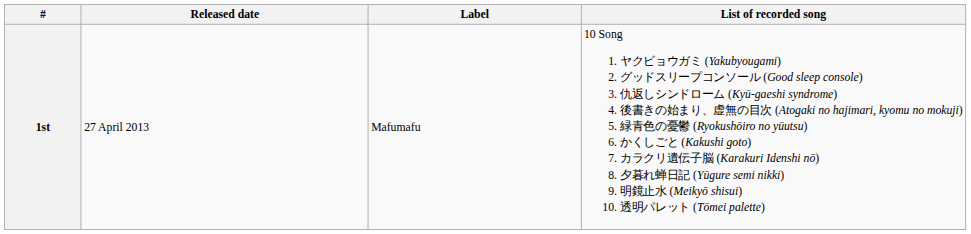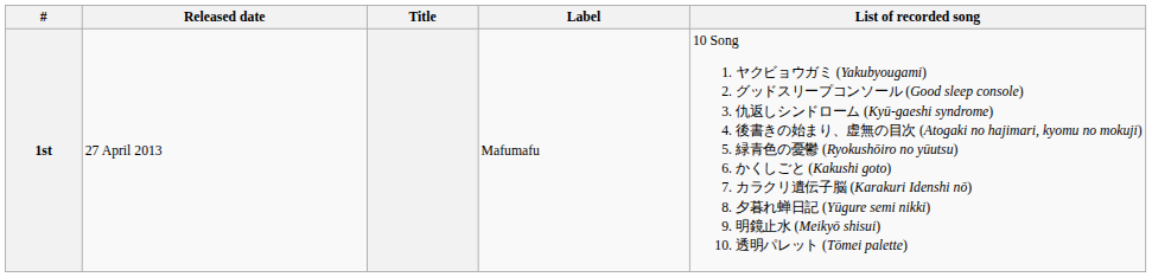 <table class="wikitable" style="font-size:small">
 <tr>
 <th>#</th>
 <th>Released date</th>
+<th>Title</th>
 <th>Label</th>
 <th style="width:40%">List of recorded song</th>
 </tr>
 <tr>
 <th>1st</th>
 <td>27 April 2013</td>
+<th></th>
 <td>Mafumafu</td>
 <td>10 Song<br><ol><li>ヤクビョウガミ (<em>Yakubyougami</em>)</li><li>グッドスリープコンソール (<em>Good sleep console</em>)</li><li>仇返しシンドローム (<em>Kyū-gaeshi syndrome</em>)</li><li>後書きの始まり、虚無の目次 (<em>Atogaki no hajimari, kyomu no mokuji</em>)</li><li>緑青色の憂鬱 (<em>Ryokushōiro no yūutsu</em>)</li><li>かくしごと (<em>Kakushi goto</em>)</li><li>カラクリ遺伝子脳 (<em>Karakuri Idenshi nō</em>)</li><li>夕暮れ蝉日記 (<em>Yūgure semi nikki</em>)</li><li>明鏡止水 (<em>Meikyō shisui</em>)</li><li>透明パレット (<em>Tōmei palette</em>)</li></ol></td>
 </tr>
 </table>
